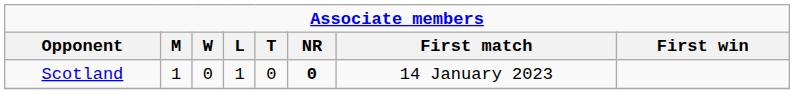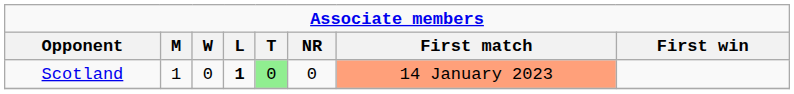 <table class="wikitable" style="text-align: center; width: 600px">
 <tr>
 <td colspan="30" style="text-align: center;"><strong><a href='#'>Associate members</a></strong></td>
 </tr>
 <tr>
 <th>Opponent</th>
 <th>M</th>
 <th>W</th>
 <th>L</th>
 <th>T</th>
 <th>NR</th>
 <th>First match</th>
 <th>First win</th>
 </tr>
 <tr>
 <td> <a href='#'>Scotland</a></td>
 <td>1</td>
 <td>0</td>
-<td>1</td>
+<td><strong>1</strong></td>
+<td style="background: lightgreen;">0</td>
 <td>0</td>
-<td><strong>0</strong></td>
-<td>14 January 2023</td>
+<td style="background: lightsalmon;">14 January 2023</td>
 <td></td>
 </tr>
 <tr>
 </tr>
 </table>
